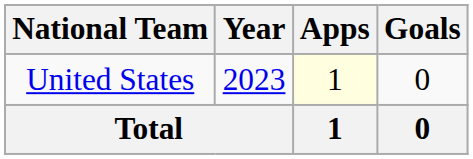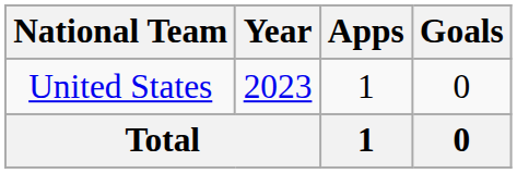 <table class="wikitable" style="text-align:center">
 <tr>
 <th>National Team</th>
 <th>Year</th>
 <th>Apps</th>
 <th>Goals</th>
 </tr>
 <tr>
 <td><a href='#'>United States</a></td>
 <td><a href='#'>2023</a></td>
-<td style="background: lightyellow;">1</td>
+<td>1</td>
 <td>0</td>
 </tr>
 <tr>
 <th colspan=2>Total</th>
 <th>1</th>
 <th>0</th>
 </tr>
 </table>
